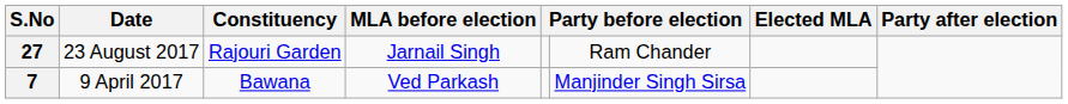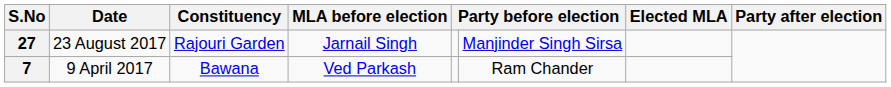 <table class="wikitable sortable" style="text-align:center;">
 <tr>
 <th>S.No</th>
 <th>Date</th>
 <th>Constituency</th>
 <th>MLA before election</th>
 <th colspan="2">Party before election</th>
 <th>Elected MLA</th>
 <th colspan="2">Party after election</th>
 </tr>
 <tr>
 <th>27</th>
 <td>23 August 2017</td>
 <td><a href='#'>Rajouri Garden</a></td>
 <td><a href='#'>Jarnail Singh</a></td>
 <td></td>
-<td>Ram Chander</td>
+<td><a href='#'>Manjinder Singh Sirsa</a></td>
 <td></td>
 </tr>
 <tr>
 <th>7</th>
 <td>9 April 2017</td>
 <td><a href='#'>Bawana</a></td>
 <td><a href='#'>Ved Parkash</a></td>
 <td></td>
-<td><a href='#'>Manjinder Singh Sirsa</a></td>
+<td>Ram Chander</td>
 <td></td>
 </tr>
 </table>
